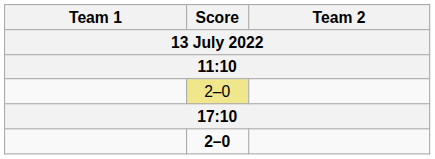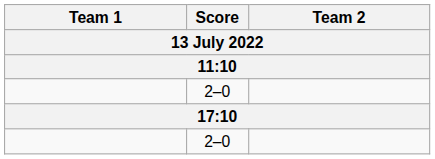 <table class="wikitable" style="text-align: center; font-size:90% ">
 <tr>
 <th align="right" width="160">Team 1</th>
 <th width="50">Score</th>
 <th align="left" width="160">Team 2</th>
 </tr>
 <tr>
 <th colspan=3>13 July 2022</th>
 </tr>
 <tr>
 <th colspan=3>11:10</th>
 </tr>
 <tr>
 <td align=right></td>
-<td align=center style="background: khaki;">2–0</td>
+<td align=center>2–0</td>
 <td align=left></td>
 </tr>
 <tr>
 <th colspan=3>17:10</th>
 </tr>
 <tr>
 <td align=right></td>
-<td align=center><strong>2–0</strong></td>
+<td align=center>2–0</td>
 <td align=left></td>
 </tr>
 </table>
